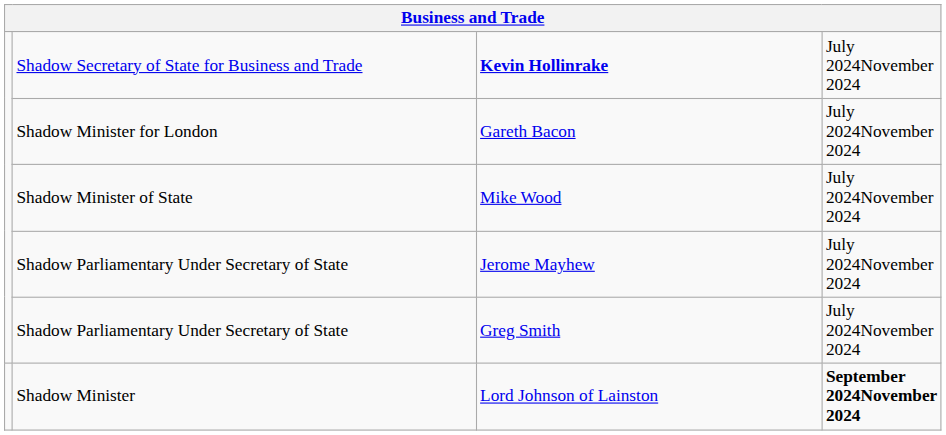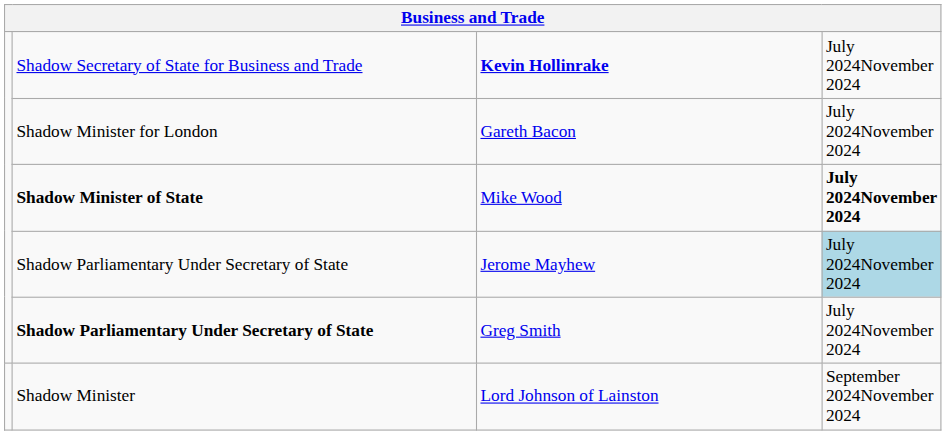 <table class="wikitable">
 <tr>
 <th colspan="5"><a href='#'>Business and Trade</a></th>
 </tr>
 <tr>
 <td rowspan="5" style="background: "></td>
 <td style="width: 450px;"><a href='#'>Shadow Secretary of State for Business and Trade</a></td>
 <td style="width: 333px;"><strong><a href='#'>Kevin Hollinrake</a></strong></td>
 <td>July 2024November 2024</td>
 </tr>
 <tr>
 <td>Shadow Minister for London</td>
 <td><a href='#'>Gareth Bacon</a><br></td>
 <td>July 2024November 2024</td>
 </tr>
 <tr>
-<td>Shadow Minister of State</td>
+<td><strong>Shadow Minister of State</strong></td>
 <td><a href='#'>Mike Wood</a><br></td>
-<td>July 2024November 2024</td>
+<td><strong>July 2024November 2024</strong></td>
 </tr>
 <tr>
 <td>Shadow Parliamentary Under Secretary of State</td>
 <td><a href='#'>Jerome Mayhew</a></td>
-<td>July 2024November 2024</td>
+<td style="background: lightblue;">July 2024November 2024</td>
 </tr>
 <tr>
-<td>Shadow Parliamentary Under Secretary of State</td>
+<td><strong>Shadow Parliamentary Under Secretary of State</strong></td>
 <td><a href='#'>Greg Smith</a><br></td>
 <td>July 2024November 2024</td>
 </tr>
 <tr>
 <td style="background: "></td>
 <td>Shadow Minister</td>
 <td><a href='#'>Lord Johnson of Lainston</a></td>
-<td><strong>September 2024November 2024</strong></td>
+<td>September 2024November 2024</td>
 </tr>
 </table>
